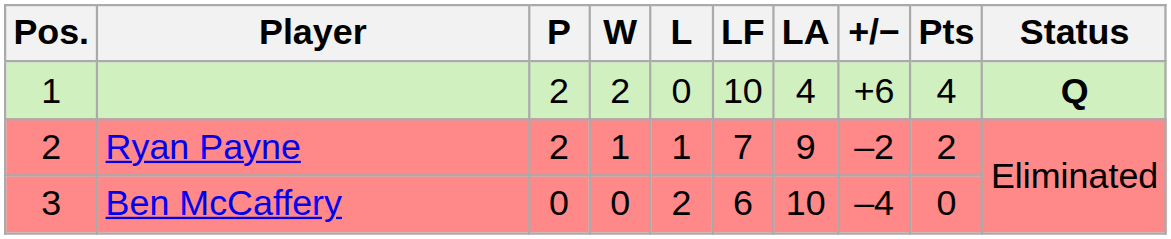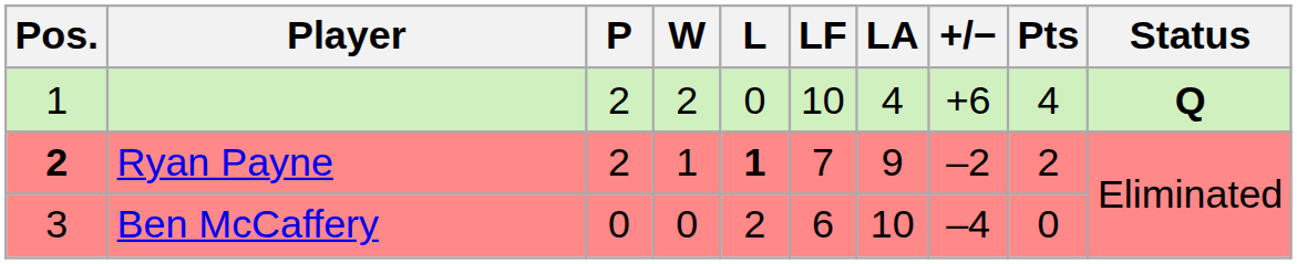 <table class="wikitable" style="text-align:center; margin: 1em auto 1em auto, align:left">
 <tr>
 <th width=20>Pos.</th>
 <th width=185>Player</th>
 <th width=20>P</th>
 <th width=20>W</th>
 <th width=20>L</th>
 <th width=20>LF</th>
 <th width=20>LA</th>
 <th width=25>+/−</th>
 <th width=20>Pts</th>
 <th width=70>Status</th>
 </tr>
 <tr style="background:#D0F0C0;">
 <td>1</td>
 <td align=left></td>
 <td>2</td>
 <td>2</td>
 <td>0</td>
 <td>10</td>
 <td>4</td>
 <td>+6</td>
 <td>4</td>
 <td><strong>Q</strong></td>
 </tr>
 <tr style="background:#FF8888;">
-<td>2</td>
+<td><strong>2</strong></td>
 <td align=left> <a href='#'>Ryan Payne</a></td>
 <td>2</td>
 <td>1</td>
-<td>1</td>
+<td><strong>1</strong></td>
 <td>7</td>
 <td>9</td>
 <td>–2</td>
 <td>2</td>
 <td rowspan=2>Eliminated</td>
 </tr>
 <tr style="background:#FF8888;">
 <td>3</td>
 <td align=left> <a href='#'>Ben McCaffery</a></td>
 <td>0</td>
 <td>0</td>
 <td>2</td>
 <td>6</td>
 <td>10</td>
 <td>–4</td>
 <td>0</td>
 </tr>
 </table>
